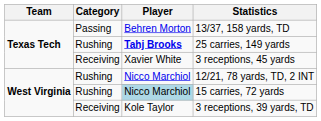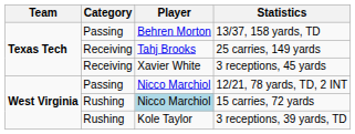 <table class="wikitable" style="float: right;">
 <tr>
 <th>Team</th>
 <th>Category</th>
 <th>Player</th>
 <th>Statistics</th>
 </tr>
 <tr>
 <td rowspan=3><strong>Texas Tech</strong></td>
 <td>Passing</td>
 <td><a href='#'>Behren Morton</a></td>
 <td>13/37, 158 yards, TD</td>
 </tr>
 <tr>
-<td>Rushing</td>
-<td><strong><a href='#'>Tahj Brooks</a></strong></td>
+<td>Receiving</td>
+<td><a href='#'>Tahj Brooks</a></td>
 <td>25 carries, 149 yards</td>
 </tr>
 <tr>
 <td>Receiving</td>
 <td>Xavier White</td>
 <td>3 receptions, 45 yards</td>
 </tr>
 <tr>
 <td rowspan=3><strong>West Virginia</strong></td>
-<td>Rushing</td>
+<td>Passing</td>
 <td><a href='#'>Nicco Marchiol</a></td>
 <td>12/21, 78 yards, TD, 2 INT</td>
 </tr>
 <tr>
 <td>Rushing</td>
 <td style="background: lightblue;">Nicco Marchiol</td>
 <td>15 carries, 72 yards</td>
 </tr>
 <tr>
-<td>Receiving</td>
+<td>Rushing</td>
 <td>Kole Taylor</td>
 <td>3 receptions, 39 yards, TD</td>
 </tr>
 </table>
